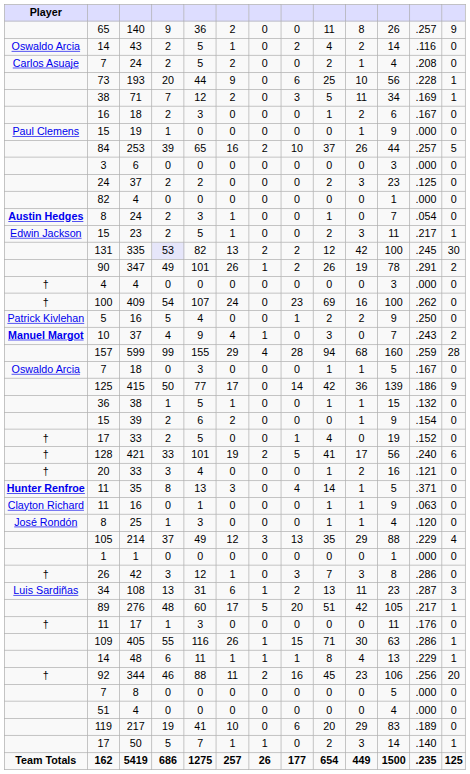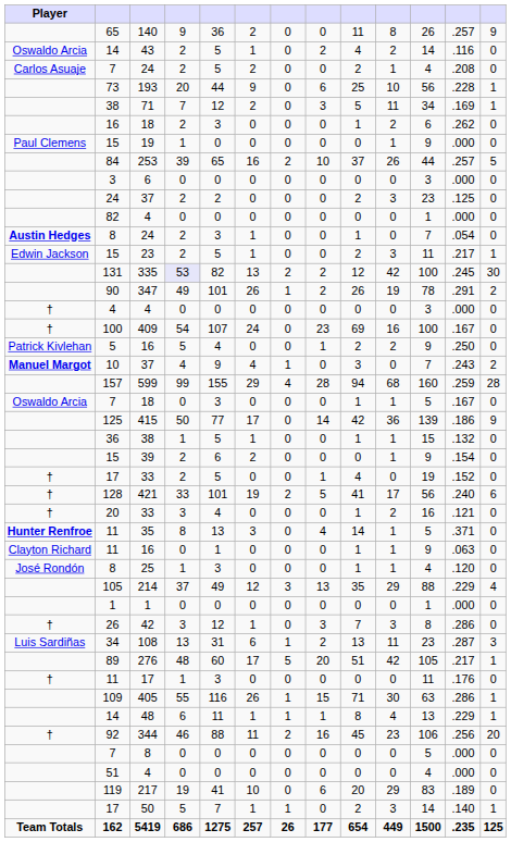 <table class="wikitable sortable" style="text-align:center; border:1; cellpadding:2; cellspacing:0;">
 <tr>
 <th style="background:#ddf; width:18%;">Player</th>
 <th style="background:#ddf; width:7%;"></th>
 <th style="background:#ddf; width:7%;"></th>
 <th style="background:#ddf; width:7%;"></th>
 <th style="background:#ddf; width:7%;"></th>
 <th style="background:#ddf; width:7%;"></th>
 <th style="background:#ddf; width:7%;"></th>
 <th style="background:#ddf; width:7%;"></th>
 <th style="background:#ddf; width:7%;"></th>
 <th style="background:#ddf; width:7%;"></th>
 <th style="background:#ddf; width:7%;"></th>
 <th style="background:#ddf; width:7%;"></th>
 <th style="background:#ddf; width:7%;"></th>
 </tr>
 <tr style="text-align:center;">
 <td></td>
 <td>65</td>
 <td>140</td>
 <td>9</td>
 <td>36</td>
 <td>2</td>
 <td>0</td>
 <td>0</td>
 <td>11</td>
 <td>8</td>
 <td>26</td>
 <td>.257</td>
 <td>9</td>
 </tr>
 <tr style="text-align:center;">
 <td><a href='#'>Oswaldo Arcia</a></td>
 <td>14</td>
 <td>43</td>
 <td>2</td>
 <td>5</td>
 <td>1</td>
 <td>0</td>
 <td>2</td>
 <td>4</td>
 <td>2</td>
 <td>14</td>
 <td>.116</td>
 <td>0</td>
 </tr>
 <tr align=center>
 <td><a href='#'>Carlos Asuaje</a></td>
 <td>7</td>
 <td>24</td>
 <td>2</td>
 <td>5</td>
 <td>2</td>
 <td>0</td>
 <td>0</td>
 <td>2</td>
 <td>1</td>
 <td>4</td>
 <td>.208</td>
 <td>0</td>
 </tr>
 <tr align=center>
 <td><strong></strong></td>
 <td>73</td>
 <td>193</td>
 <td>20</td>
 <td>44</td>
 <td>9</td>
 <td>0</td>
 <td>6</td>
 <td>25</td>
 <td>10</td>
 <td>56</td>
 <td>.228</td>
 <td>1</td>
 </tr>
 <tr style="text-align:center;">
 <td></td>
 <td>38</td>
 <td>71</td>
 <td>7</td>
 <td>12</td>
 <td>2</td>
 <td>0</td>
 <td>3</td>
 <td>5</td>
 <td>11</td>
 <td>34</td>
 <td>.169</td>
 <td>1</td>
 </tr>
 <tr style="text-align:center;">
 <td></td>
 <td>16</td>
 <td>18</td>
 <td>2</td>
 <td>3</td>
 <td>0</td>
 <td>0</td>
 <td>0</td>
 <td>1</td>
 <td>2</td>
 <td>6</td>
-<td>.167</td>
+<td>.262</td>
 <td>0</td>
 </tr>
 <tr style="text-align:center;">
 <td><a href='#'>Paul Clemens</a></td>
 <td>15</td>
 <td>19</td>
 <td>1</td>
 <td>0</td>
 <td>0</td>
 <td>0</td>
 <td>0</td>
 <td>0</td>
 <td>1</td>
 <td>9</td>
 <td>.000</td>
 <td>0</td>
 </tr>
 <tr align=center>
 <td><strong></strong></td>
 <td>84</td>
 <td>253</td>
 <td>39</td>
 <td>65</td>
 <td>16</td>
 <td>2</td>
 <td>10</td>
 <td>37</td>
 <td>26</td>
 <td>44</td>
 <td>.257</td>
 <td>5</td>
 </tr>
 <tr style="text-align:center;">
 <td><strong></strong></td>
 <td>3</td>
 <td>6</td>
 <td>0</td>
 <td>0</td>
 <td>0</td>
 <td>0</td>
 <td>0</td>
 <td>0</td>
 <td>0</td>
 <td>3</td>
 <td>.000</td>
 <td>0</td>
 </tr>
 <tr style="text-align:center;">
 <td></td>
 <td>24</td>
 <td>37</td>
 <td>2</td>
 <td>2</td>
 <td>0</td>
 <td>0</td>
 <td>0</td>
 <td>2</td>
 <td>3</td>
 <td>23</td>
 <td>.125</td>
 <td>0</td>
 </tr>
 <tr style="text-align:center;">
 <td><strong></strong></td>
 <td>82</td>
 <td>4</td>
 <td>0</td>
 <td>0</td>
 <td>0</td>
 <td>0</td>
 <td>0</td>
 <td>0</td>
 <td>0</td>
 <td>1</td>
 <td>.000</td>
 <td>0</td>
 </tr>
 <tr style="text-align:center;">
 <td><strong><a href='#'>Austin Hedges</a></strong></td>
 <td>8</td>
 <td>24</td>
 <td>2</td>
 <td>3</td>
 <td>1</td>
 <td>0</td>
 <td>0</td>
 <td>1</td>
 <td>0</td>
 <td>7</td>
 <td>.054</td>
 <td>0</td>
 </tr>
 <tr align=center>
 <td><a href='#'>Edwin Jackson</a></td>
 <td>15</td>
 <td>23</td>
 <td>2</td>
 <td>5</td>
 <td>1</td>
 <td>0</td>
 <td>0</td>
 <td>2</td>
 <td>3</td>
 <td>11</td>
 <td>.217</td>
 <td>1</td>
 </tr>
 <tr align=center>
 <td><strong></strong></td>
 <td>131</td>
 <td>335</td>
 <td style="background: lavender;">53</td>
 <td>82</td>
 <td>13</td>
 <td>2</td>
 <td>2</td>
 <td>12</td>
 <td>42</td>
 <td>100</td>
 <td>.245</td>
 <td>30</td>
 </tr>
 <tr style="text-align:center;">
 <td></td>
 <td>90</td>
 <td>347</td>
 <td>49</td>
 <td>101</td>
 <td>26</td>
 <td>1</td>
 <td>2</td>
 <td>26</td>
 <td>19</td>
 <td>78</td>
 <td>.291</td>
 <td>2</td>
 </tr>
 <tr style="text-align:center;">
 <td> †</td>
 <td>4</td>
 <td>4</td>
 <td>0</td>
 <td>0</td>
 <td>0</td>
 <td>0</td>
 <td>0</td>
 <td>0</td>
 <td>0</td>
 <td>3</td>
 <td>.000</td>
 <td>0</td>
 </tr>
 <tr style="text-align:center;">
 <td> †</td>
 <td>100</td>
 <td>409</td>
 <td>54</td>
 <td>107</td>
 <td>24</td>
 <td>0</td>
 <td>23</td>
 <td>69</td>
 <td>16</td>
 <td>100</td>
-<td>.262</td>
+<td>.167</td>
 <td>0</td>
 </tr>
 <tr style="text-align:center;">
 <td><a href='#'>Patrick Kivlehan</a></td>
 <td>5</td>
 <td>16</td>
 <td>5</td>
 <td>4</td>
 <td>0</td>
 <td>0</td>
 <td>1</td>
 <td>2</td>
 <td>2</td>
 <td>9</td>
 <td>.250</td>
 <td>0</td>
 </tr>
 <tr align=center>
 <td><strong><a href='#'>Manuel Margot</a></strong></td>
 <td>10</td>
 <td>37</td>
 <td>4</td>
 <td>9</td>
 <td>4</td>
 <td>1</td>
 <td>0</td>
 <td>3</td>
 <td>0</td>
 <td>7</td>
 <td>.243</td>
 <td>2</td>
 </tr>
 <tr align=center>
 <td><strong></strong></td>
 <td>157</td>
 <td>599</td>
 <td>99</td>
 <td>155</td>
 <td>29</td>
 <td>4</td>
 <td>28</td>
 <td>94</td>
 <td>68</td>
 <td>160</td>
 <td>.259</td>
 <td>28</td>
 </tr>
 <tr style="text-align:center;">
 <td><a href='#'>Oswaldo Arcia</a></td>
 <td>7</td>
 <td>18</td>
 <td>0</td>
 <td>3</td>
 <td>0</td>
 <td>0</td>
 <td>0</td>
 <td>1</td>
 <td>1</td>
 <td>5</td>
 <td>.167</td>
 <td>0</td>
 </tr>
 <tr align=center>
 <td></td>
 <td>125</td>
 <td>415</td>
 <td>50</td>
 <td>77</td>
 <td>17</td>
 <td>0</td>
 <td>14</td>
 <td>42</td>
 <td>36</td>
 <td>139</td>
 <td>.186</td>
 <td>9</td>
 </tr>
 <tr style="text-align:center;">
 <td><strong></strong></td>
 <td>36</td>
 <td>38</td>
 <td>1</td>
 <td>5</td>
 <td>1</td>
 <td>0</td>
 <td>0</td>
 <td>1</td>
 <td>1</td>
 <td>15</td>
 <td>.132</td>
 <td>0</td>
 </tr>
 <tr style="text-align:center;">
 <td></td>
 <td>15</td>
 <td>39</td>
 <td>2</td>
 <td>6</td>
 <td>2</td>
 <td>0</td>
 <td>0</td>
 <td>0</td>
 <td>1</td>
 <td>9</td>
 <td>.154</td>
 <td>0</td>
 </tr>
 <tr style="text-align:center;">
 <td> †</td>
 <td>17</td>
 <td>33</td>
 <td>2</td>
 <td>5</td>
 <td>0</td>
 <td>0</td>
 <td>1</td>
 <td>4</td>
 <td>0</td>
 <td>19</td>
 <td>.152</td>
 <td>0</td>
 </tr>
 <tr style="text-align:center;">
 <td> †</td>
 <td>128</td>
 <td>421</td>
 <td>33</td>
 <td>101</td>
 <td>19</td>
 <td>2</td>
 <td>5</td>
 <td>41</td>
 <td>17</td>
 <td>56</td>
 <td>.240</td>
 <td>6</td>
 </tr>
 <tr style="text-align:center;">
 <td> †</td>
 <td>20</td>
 <td>33</td>
 <td>3</td>
 <td>4</td>
 <td>0</td>
 <td>0</td>
 <td>0</td>
 <td>1</td>
 <td>2</td>
 <td>16</td>
 <td>.121</td>
 <td>0</td>
 </tr>
 <tr style="text-align:center;">
 <td><strong><a href='#'>Hunter Renfroe</a></strong></td>
 <td>11</td>
 <td>35</td>
 <td>8</td>
 <td>13</td>
 <td>3</td>
 <td>0</td>
 <td>4</td>
 <td>14</td>
 <td>1</td>
 <td>5</td>
 <td>.371</td>
 <td>0</td>
 </tr>
 <tr align=center>
 <td><a href='#'>Clayton Richard</a></td>
 <td>11</td>
 <td>16</td>
 <td>0</td>
 <td>1</td>
 <td>0</td>
 <td>0</td>
 <td>0</td>
 <td>1</td>
 <td>1</td>
 <td>9</td>
 <td>.063</td>
 <td>0</td>
 </tr>
 <tr align=center>
 <td><a href='#'>José Rondón</a></td>
 <td>8</td>
 <td>25</td>
 <td>1</td>
 <td>3</td>
 <td>0</td>
 <td>0</td>
 <td>0</td>
 <td>1</td>
 <td>1</td>
 <td>4</td>
 <td>.120</td>
 <td>0</td>
 </tr>
 <tr align=center>
 <td></td>
 <td>105</td>
 <td>214</td>
 <td>37</td>
 <td>49</td>
 <td>12</td>
 <td>3</td>
 <td>13</td>
 <td>35</td>
 <td>29</td>
 <td>88</td>
 <td>.229</td>
 <td>4</td>
 </tr>
 <tr style="text-align:center;">
 <td></td>
 <td>1</td>
 <td>1</td>
 <td>0</td>
 <td>0</td>
 <td>0</td>
 <td>0</td>
 <td>0</td>
 <td>0</td>
 <td>0</td>
 <td>1</td>
 <td>.000</td>
 <td>0</td>
 </tr>
 <tr style="text-align:center;">
 <td> †</td>
 <td>26</td>
 <td>42</td>
 <td>3</td>
 <td>12</td>
 <td>1</td>
 <td>0</td>
 <td>3</td>
 <td>7</td>
 <td>3</td>
 <td>8</td>
 <td>.286</td>
 <td>0</td>
 </tr>
 <tr style="text-align:center;">
 <td><a href='#'>Luis Sardiñas</a></td>
 <td>34</td>
 <td>108</td>
 <td>13</td>
 <td>31</td>
 <td>6</td>
 <td>1</td>
 <td>2</td>
 <td>13</td>
 <td>11</td>
 <td>23</td>
 <td>.287</td>
 <td>3</td>
 </tr>
 <tr align=center>
 <td></td>
 <td>89</td>
 <td>276</td>
 <td>48</td>
 <td>60</td>
 <td>17</td>
 <td>5</td>
 <td>20</td>
 <td>51</td>
 <td>42</td>
 <td>105</td>
 <td>.217</td>
 <td>1</td>
 </tr>
 <tr style="text-align:center;">
 <td> †</td>
 <td>11</td>
 <td>17</td>
 <td>1</td>
 <td>3</td>
 <td>0</td>
 <td>0</td>
 <td>0</td>
 <td>0</td>
 <td>0</td>
 <td>11</td>
 <td>.176</td>
 <td>0</td>
 </tr>
 <tr style="text-align:center;">
 <td></td>
 <td>109</td>
 <td>405</td>
 <td>55</td>
 <td>116</td>
 <td>26</td>
 <td>1</td>
 <td>15</td>
 <td>71</td>
 <td>30</td>
 <td>63</td>
 <td>.286</td>
 <td>1</td>
 </tr>
 <tr style="text-align:center;">
 <td></td>
 <td>14</td>
 <td>48</td>
 <td>6</td>
 <td>11</td>
 <td>1</td>
 <td>1</td>
 <td>1</td>
 <td>8</td>
 <td>4</td>
 <td>13</td>
 <td>.229</td>
 <td>1</td>
 </tr>
 <tr style="text-align:center;">
 <td> †</td>
 <td>92</td>
 <td>344</td>
 <td>46</td>
 <td>88</td>
 <td>11</td>
 <td>2</td>
 <td>16</td>
 <td>45</td>
 <td>23</td>
 <td>106</td>
 <td>.256</td>
 <td>20</td>
 </tr>
 <tr style="text-align:center;">
 <td></td>
 <td>7</td>
 <td>8</td>
 <td>0</td>
 <td>0</td>
 <td>0</td>
 <td>0</td>
 <td>0</td>
 <td>0</td>
 <td>0</td>
 <td>5</td>
 <td>.000</td>
 <td>0</td>
 </tr>
 <tr style="text-align:center;">
 <td></td>
 <td>51</td>
 <td>4</td>
 <td>0</td>
 <td>0</td>
 <td>0</td>
 <td>0</td>
 <td>0</td>
 <td>0</td>
 <td>0</td>
 <td>4</td>
 <td>.000</td>
 <td>0</td>
 </tr>
 <tr style="text-align:center;">
 <td></td>
 <td>119</td>
 <td>217</td>
 <td>19</td>
 <td>41</td>
 <td>10</td>
 <td>0</td>
 <td>6</td>
 <td>20</td>
 <td>29</td>
 <td>83</td>
 <td>.189</td>
 <td>0</td>
 </tr>
 <tr style="text-align:center;">
 <td></td>
 <td>17</td>
 <td>50</td>
 <td>5</td>
 <td>7</td>
 <td>1</td>
 <td>1</td>
 <td>0</td>
 <td>2</td>
 <td>3</td>
 <td>14</td>
 <td>.140</td>
 <td>1</td>
 </tr>
 <tr style="text-align:center;">
 <td><strong>Team Totals</strong></td>
 <td><strong>162</strong></td>
 <td><strong>5419</strong></td>
 <td><strong>686</strong></td>
 <td><strong>1275</strong></td>
 <td><strong>257</strong></td>
 <td><strong>26</strong></td>
 <td><strong>177</strong></td>
 <td><strong>654</strong></td>
 <td><strong>449</strong></td>
 <td><strong>1500</strong></td>
 <td><strong>.235</strong></td>
 <td><strong>125</strong></td>
 </tr>
 </table>
